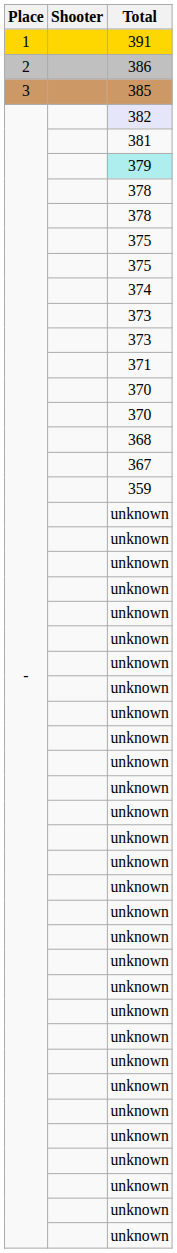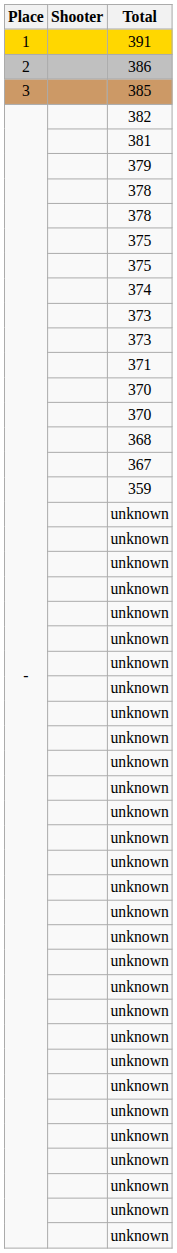 <table class=wikitable style="text-align:center">
 <tr>
 <th>Place</th>
 <th>Shooter</th>
 <th>Total</th>
 </tr>
 <tr align=center bgcolor=gold>
 <td>1</td>
 <td align=left></td>
 <td>391</td>
 </tr>
 <tr align=center bgcolor=silver>
 <td>2</td>
 <td align=left></td>
 <td>386</td>
 </tr>
 <tr align=center bgcolor=cc9966>
 <td>3</td>
 <td align=left></td>
 <td>385</td>
 </tr>
 <tr>
 <td rowspan=46>-</td>
 <td align=left></td>
-<td style="background: lavender;">382</td>
+<td>382</td>
 </tr>
 <tr>
 <td align=left></td>
 <td>381</td>
 </tr>
 <tr>
 <td align=left></td>
-<td style="background: paleturquoise;">379</td>
+<td>379</td>
 </tr>
 <tr>
 <td align=left></td>
 <td>378</td>
 </tr>
 <tr>
 <td align=left></td>
 <td>378</td>
 </tr>
 <tr>
 <td align=left></td>
 <td>375</td>
 </tr>
 <tr>
 <td align=left></td>
 <td>375</td>
 </tr>
 <tr>
 <td align=left></td>
 <td>374</td>
 </tr>
 <tr>
 <td align=left></td>
 <td>373</td>
 </tr>
 <tr>
 <td align=left></td>
 <td>373</td>
 </tr>
 <tr>
 <td align=left></td>
 <td>371</td>
 </tr>
 <tr>
 <td align=left></td>
 <td>370</td>
 </tr>
 <tr>
 <td align=left></td>
 <td>370</td>
 </tr>
 <tr>
 <td align=left></td>
 <td>368</td>
 </tr>
 <tr>
 <td align=left></td>
 <td>367</td>
 </tr>
 <tr>
 <td align=left></td>
 <td>359</td>
 </tr>
 <tr>
 <td align=left></td>
 <td>unknown</td>
 </tr>
 <tr>
 <td align=left></td>
 <td>unknown</td>
 </tr>
 <tr>
 <td align=left></td>
 <td>unknown</td>
 </tr>
 <tr>
 <td align=left></td>
 <td>unknown</td>
 </tr>
 <tr>
 <td align=left></td>
 <td>unknown</td>
 </tr>
 <tr>
 <td align=left></td>
 <td>unknown</td>
 </tr>
 <tr>
 <td align=left></td>
 <td>unknown</td>
 </tr>
 <tr>
 <td align=left></td>
 <td>unknown</td>
 </tr>
 <tr>
 <td align=left></td>
 <td>unknown</td>
 </tr>
 <tr>
 <td align=left></td>
 <td>unknown</td>
 </tr>
 <tr>
 <td align=left></td>
 <td>unknown</td>
 </tr>
 <tr>
 <td align=left></td>
 <td>unknown</td>
 </tr>
 <tr>
 <td align=left></td>
 <td>unknown</td>
 </tr>
 <tr>
 <td align=left></td>
 <td>unknown</td>
 </tr>
 <tr>
 <td align=left></td>
 <td>unknown</td>
 </tr>
 <tr>
 <td align=left></td>
 <td>unknown</td>
 </tr>
 <tr>
 <td align=left></td>
 <td>unknown</td>
 </tr>
 <tr>
 <td align=left></td>
 <td>unknown</td>
 </tr>
 <tr>
 <td align=left></td>
 <td>unknown</td>
 </tr>
 <tr>
 <td align=left></td>
 <td>unknown</td>
 </tr>
 <tr>
 <td align=left></td>
 <td>unknown</td>
 </tr>
 <tr>
 <td align=left></td>
 <td>unknown</td>
 </tr>
 <tr>
 <td align=left></td>
 <td>unknown</td>
 </tr>
 <tr>
 <td align=left></td>
 <td>unknown</td>
 </tr>
 <tr>
 <td align=left></td>
 <td>unknown</td>
 </tr>
 <tr>
 <td align=left></td>
 <td>unknown</td>
 </tr>
 <tr>
 <td align=left></td>
 <td>unknown</td>
 </tr>
 <tr>
 <td align=left></td>
 <td>unknown</td>
 </tr>
 <tr>
 <td align=left></td>
 <td>unknown</td>
 </tr>
 <tr>
 <td align=left></td>
 <td>unknown</td>
 </tr>
 </table>
